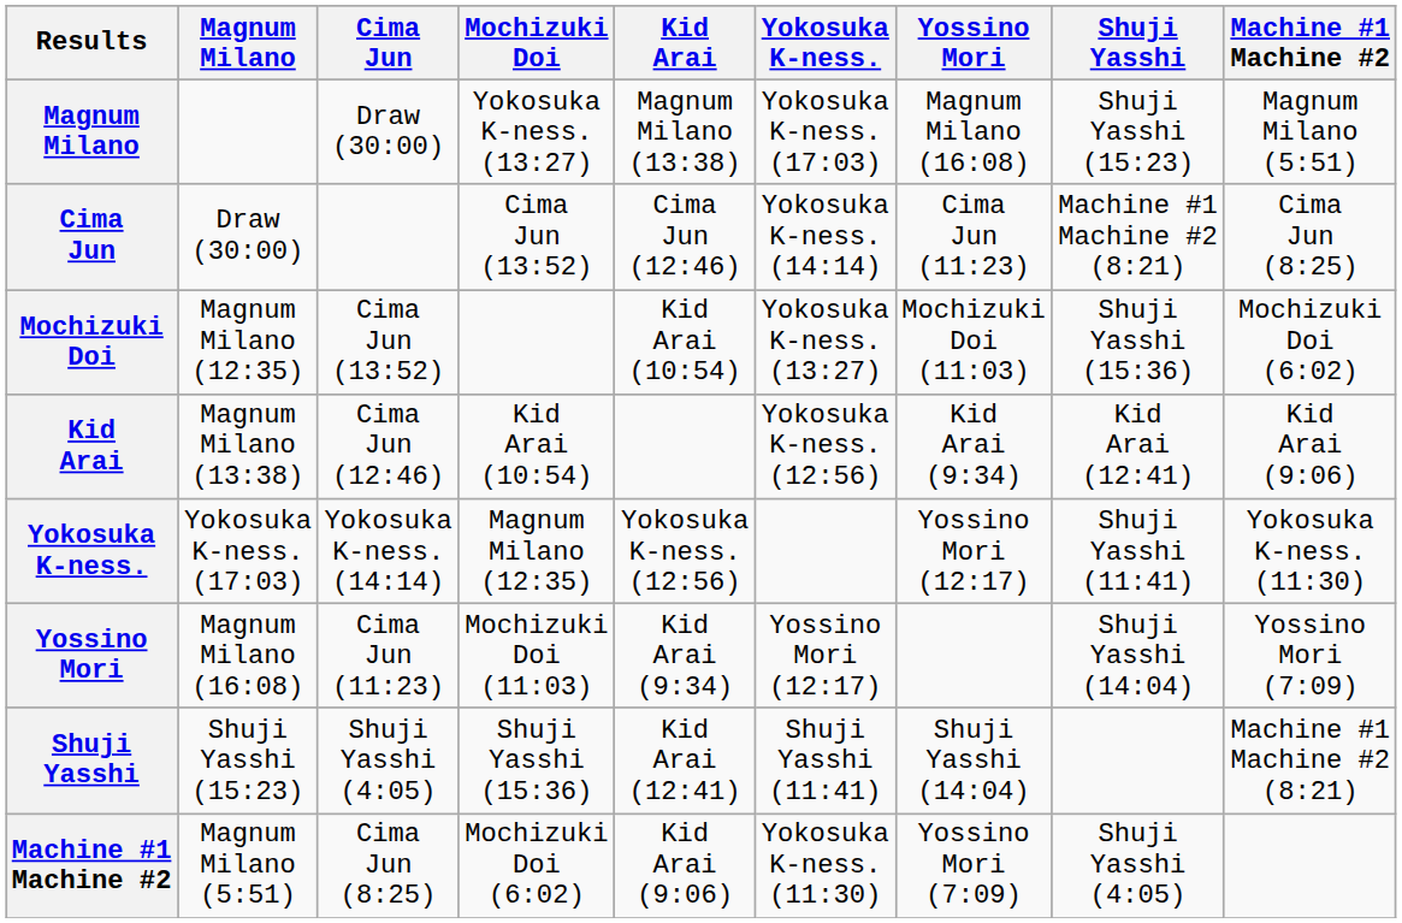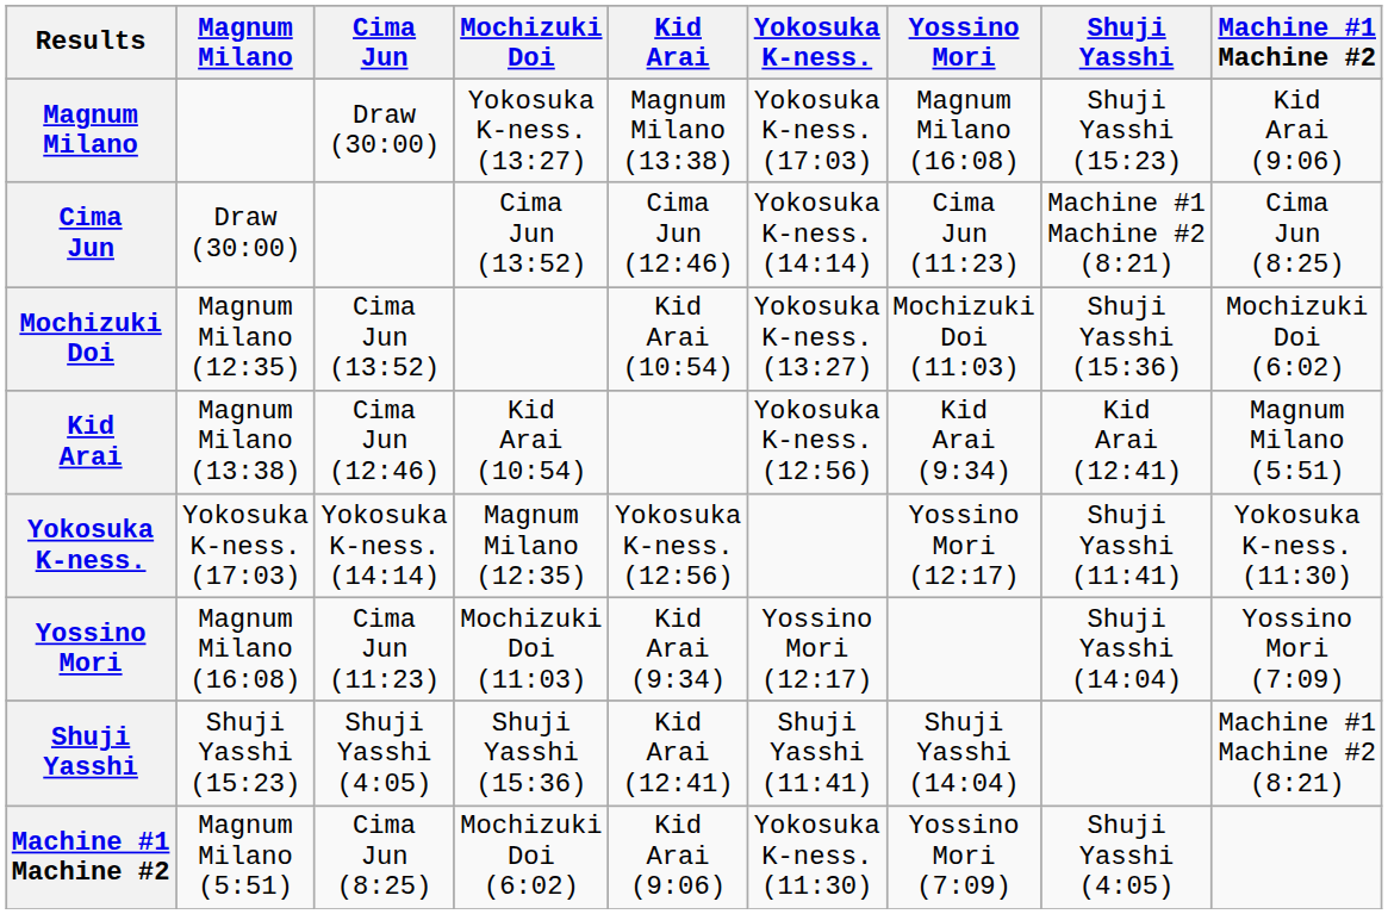 <table class="wikitable" style="margin: 1em auto 1em auto;text-align:center">
 <tr>
 <th>Results</th>
 <th><a href='#'>Magnum</a><br><a href='#'>Milano</a></th>
 <th><a href='#'>Cima</a><br><a href='#'>Jun</a></th>
 <th><a href='#'>Mochizuki</a><br><a href='#'>Doi</a></th>
 <th><a href='#'>Kid</a><br><a href='#'>Arai</a></th>
 <th><a href='#'>Yokosuka</a><br><a href='#'>K-ness.</a></th>
 <th><a href='#'>Yossino</a><br><a href='#'>Mori</a></th>
 <th><a href='#'>Shuji</a><br><a href='#'>Yasshi</a></th>
 <th><a href='#'>Machine #1</a><br>Machine #2</th>
 </tr>
 <tr>
 <th><a href='#'>Magnum</a><br><a href='#'>Milano</a></th>
 <td></td>
 <td>Draw<br>(30:00)</td>
 <td>Yokosuka<br>K-ness.<br>(13:27)</td>
 <td>Magnum<br>Milano<br>(13:38)</td>
 <td>Yokosuka<br>K-ness.<br>(17:03)</td>
 <td>Magnum<br>Milano<br>(16:08)</td>
 <td>Shuji<br>Yasshi<br>(15:23)</td>
-<td>Magnum<br>Milano<br>(5:51)</td>
+<td>Kid<br>Arai<br>(9:06)</td>
 </tr>
 <tr>
 <th><a href='#'>Cima</a><br><a href='#'>Jun</a></th>
 <td>Draw<br>(30:00)</td>
 <td></td>
 <td>Cima<br>Jun<br>(13:52)</td>
 <td>Cima<br>Jun<br>(12:46)</td>
 <td>Yokosuka<br>K-ness.<br>(14:14)</td>
 <td>Cima<br>Jun<br>(11:23)</td>
 <td>Machine #1<br>Machine #2<br>(8:21)</td>
 <td>Cima<br>Jun<br>(8:25)</td>
 </tr>
 <tr>
 <th><a href='#'>Mochizuki</a><br><a href='#'>Doi</a></th>
 <td>Magnum<br>Milano<br>(12:35)</td>
 <td>Cima<br>Jun<br>(13:52)</td>
 <td></td>
 <td>Kid<br>Arai<br>(10:54)</td>
 <td>Yokosuka<br>K-ness.<br>(13:27)</td>
 <td>Mochizuki<br>Doi<br>(11:03)</td>
 <td>Shuji<br>Yasshi<br>(15:36)</td>
 <td>Mochizuki<br>Doi<br>(6:02)</td>
 </tr>
 <tr>
 <th><a href='#'>Kid</a><br><a href='#'>Arai</a></th>
 <td>Magnum<br>Milano<br>(13:38)</td>
 <td>Cima<br>Jun<br>(12:46)</td>
 <td>Kid<br>Arai<br>(10:54)</td>
 <td></td>
 <td>Yokosuka<br>K-ness.<br>(12:56)</td>
 <td>Kid<br>Arai<br>(9:34)</td>
 <td>Kid<br>Arai<br>(12:41)</td>
-<td>Kid<br>Arai<br>(9:06)</td>
+<td>Magnum<br>Milano<br>(5:51)</td>
 </tr>
 <tr>
 <th><a href='#'>Yokosuka</a><br><a href='#'>K-ness.</a></th>
 <td>Yokosuka<br>K-ness.<br>(17:03)</td>
 <td>Yokosuka<br>K-ness.<br>(14:14)</td>
 <td>Magnum<br>Milano<br>(12:35)</td>
 <td>Yokosuka<br>K-ness.<br>(12:56)</td>
 <td></td>
 <td>Yossino<br>Mori<br>(12:17)</td>
 <td>Shuji<br>Yasshi<br>(11:41)</td>
 <td>Yokosuka<br>K-ness.<br>(11:30)</td>
 </tr>
 <tr>
 <th><a href='#'>Yossino</a><br><a href='#'>Mori</a></th>
 <td>Magnum<br>Milano<br>(16:08)</td>
 <td>Cima<br>Jun<br>(11:23)</td>
 <td>Mochizuki<br>Doi<br>(11:03)</td>
 <td>Kid<br>Arai<br>(9:34)</td>
 <td>Yossino<br>Mori<br>(12:17)</td>
 <td></td>
 <td>Shuji<br>Yasshi<br>(14:04)</td>
 <td>Yossino<br>Mori<br>(7:09)</td>
 </tr>
 <tr>
 <th><a href='#'>Shuji</a><br><a href='#'>Yasshi</a></th>
 <td>Shuji<br>Yasshi<br>(15:23)</td>
 <td>Shuji<br>Yasshi<br>(4:05)</td>
 <td>Shuji<br>Yasshi<br>(15:36)</td>
 <td>Kid<br>Arai<br>(12:41)</td>
 <td>Shuji<br>Yasshi<br>(11:41)</td>
 <td>Shuji<br>Yasshi<br>(14:04)</td>
 <td></td>
 <td>Machine #1<br>Machine #2<br>(8:21)</td>
 </tr>
 <tr>
 <th><a href='#'>Machine #1</a><br>Machine #2</th>
 <td>Magnum<br>Milano<br>(5:51)</td>
 <td>Cima<br>Jun<br>(8:25)</td>
 <td>Mochizuki<br>Doi<br>(6:02)</td>
 <td>Kid<br>Arai<br>(9:06)</td>
 <td>Yokosuka<br>K-ness.<br>(11:30)</td>
 <td>Yossino<br>Mori<br>(7:09)</td>
 <td>Shuji<br>Yasshi<br>(4:05)</td>
 <td></td>
 </tr>
 </table>
